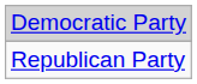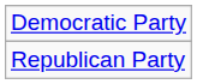 <table class="wikitable">
 <tr>
 </tr>
 <tr>
-<td style="background: lightgrey;"><a href='#'>Democratic Party</a></td>
+<td><a href='#'>Democratic Party</a></td>
 </tr>
 <tr>
 </tr>
 <tr>
 <td><a href='#'>Republican Party</a></td>
 </tr>
 </table>
